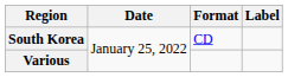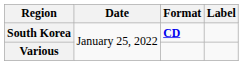 <table class="wikitable plainrowheaders">
 <tr>
 <th scope="col">Region</th>
 <th scope="col">Date</th>
 <th scope="col">Format</th>
 <th scope="col">Label</th>
 </tr>
 <tr>
 <th scope="row">South Korea</th>
 <td rowspan="2">January 25, 2022</td>
-<td><a href='#'>CD</a></td>
+<td><strong><a href='#'>CD</a></strong></td>
 <td></td>
 </tr>
 <tr>
 <th scope="row">Various </th>
 <td></td>
 <td></td>
 </tr>
 </table>
